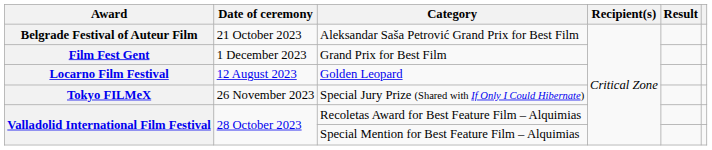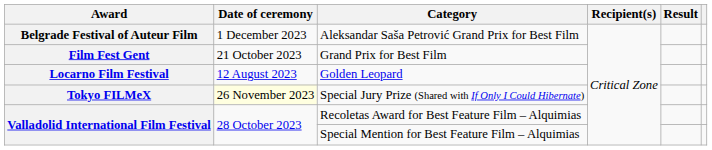 <table class="wikitable sortable plainrowheaders">
 <tr>
 <th scope="col">Award</th>
 <th scope="col">Date of ceremony</th>
 <th scope="col">Category</th>
 <th scope="col">Recipient(s)</th>
 <th scope="col">Result</th>
 <th scope="col" class="unsortable"></th>
 </tr>
 <tr>
 <th scope="row">Belgrade Festival of Auteur Film</th>
-<td>21 October 2023</td>
+<td>1 December 2023</td>
 <td>Aleksandar Saša Petrović Grand Prix for Best Film</td>
 <td rowspan="6"><em>Critical Zone</em></td>
 <td></td>
 <td align="center"></td>
 </tr>
 <tr>
 <th scope="row"><a href='#'>Film Fest Gent</a></th>
-<td>1 December 2023</td>
+<td>21 October 2023</td>
 <td>Grand Prix for Best Film</td>
 <td></td>
 <td align="center"></td>
 </tr>
 <tr>
 <th scope="row"><a href='#'>Locarno Film Festival</a></th>
 <td><a href='#'>12 August 2023</a></td>
 <td><a href='#'>Golden Leopard</a></td>
 <td></td>
 <td align="center"></td>
 </tr>
 <tr>
 <th scope="row"><a href='#'>Tokyo FILMeX</a></th>
-<td>26 November 2023</td>
+<td style="background: lightyellow;">26 November 2023</td>
 <td>Special Jury Prize <small>(Shared with <em><a href='#'>If Only I Could Hibernate</a></em>)</small></td>
 <td></td>
 <td align="center"></td>
 </tr>
 <tr>
 <th rowspan="2" scope="row"><a href='#'>Valladolid International Film Festival</a></th>
 <td rowspan="2"><a href='#'>28 October 2023</a></td>
 <td>Recoletas Award for Best Feature Film – Alquimias</td>
 <td></td>
 <td align="center"></td>
 </tr>
 <tr>
 <td>Special Mention for Best Feature Film – Alquimias</td>
 <td></td>
 <td align="center"></td>
 </tr>
 </table>
